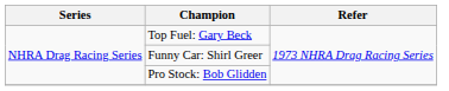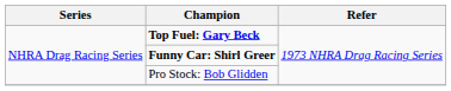 <table class="wikitable" style="font-size:87%;">
 <tr>
 <th>Series</th>
 <th>Champion</th>
 <th>Refer</th>
 </tr>
 <tr>
 <td rowspan=3><a href='#'>NHRA Drag Racing Series</a></td>
-<td>Top Fuel:  <a href='#'>Gary Beck</a></td>
+<td><strong>Top Fuel:  <a href='#'>Gary Beck</a></strong></td>
 <td rowspan=3><em><a href='#'>1973 NHRA Drag Racing Series</a></em></td>
 </tr>
 <tr>
-<td>Funny Car:  Shirl Greer</td>
+<td><strong>Funny Car:  Shirl Greer</strong></td>
 </tr>
 <tr>
 <td>Pro Stock:  <a href='#'>Bob Glidden</a></td>
 </tr>
 <tr>
 </tr>
 </table>
